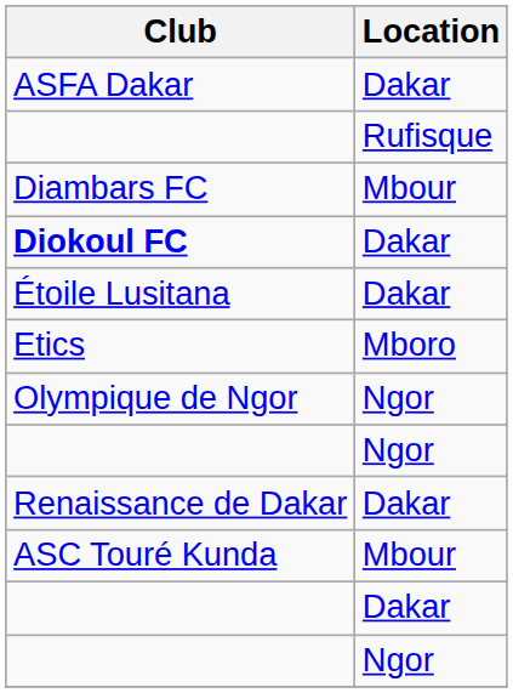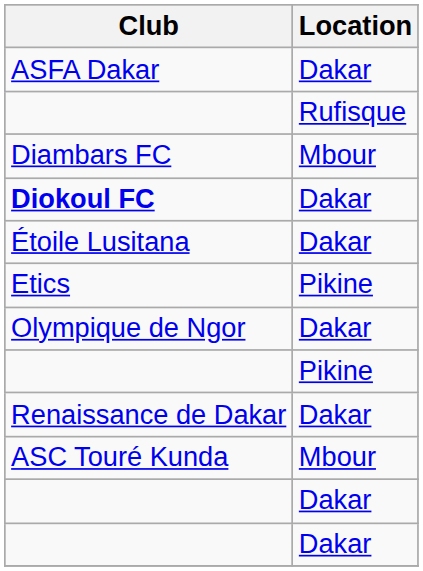 <table class="wikitable sortable">
 <tr>
 <th>Club</th>
 <th>Location</th>
 </tr>
 <tr>
 <td><a href='#'>ASFA Dakar</a></td>
 <td><a href='#'>Dakar</a></td>
 </tr>
 <tr>
 <td></td>
 <td><a href='#'>Rufisque</a></td>
 </tr>
 <tr>
 <td><a href='#'>Diambars FC</a></td>
 <td><a href='#'>Mbour</a></td>
 </tr>
 <tr>
 <td><strong><a href='#'>Diokoul FC</a></strong></td>
 <td><a href='#'>Dakar</a></td>
 </tr>
 <tr>
 <td><a href='#'>Étoile Lusitana</a></td>
 <td><a href='#'>Dakar</a></td>
 </tr>
 <tr>
 <td><a href='#'>Etics</a></td>
-<td><a href='#'>Mboro</a></td>
+<td><a href='#'>Pikine</a></td>
 </tr>
 <tr>
 <td><a href='#'>Olympique de Ngor</a></td>
-<td><a href='#'>Ngor</a></td>
+<td><a href='#'>Dakar</a></td>
 </tr>
 <tr>
 <td></td>
-<td><a href='#'>Ngor</a></td>
+<td><a href='#'>Pikine</a></td>
 </tr>
 <tr>
 <td><a href='#'>Renaissance de Dakar</a></td>
 <td><a href='#'>Dakar</a></td>
 </tr>
 <tr>
 <td><a href='#'>ASC Touré Kunda</a></td>
 <td><a href='#'>Mbour</a></td>
 </tr>
 <tr>
 <td></td>
 <td><a href='#'>Dakar</a></td>
 </tr>
 <tr>
 <td></td>
-<td><a href='#'>Ngor</a></td>
+<td><a href='#'>Dakar</a></td>
 </tr>
 <tr>
 </tr>
 </table>
